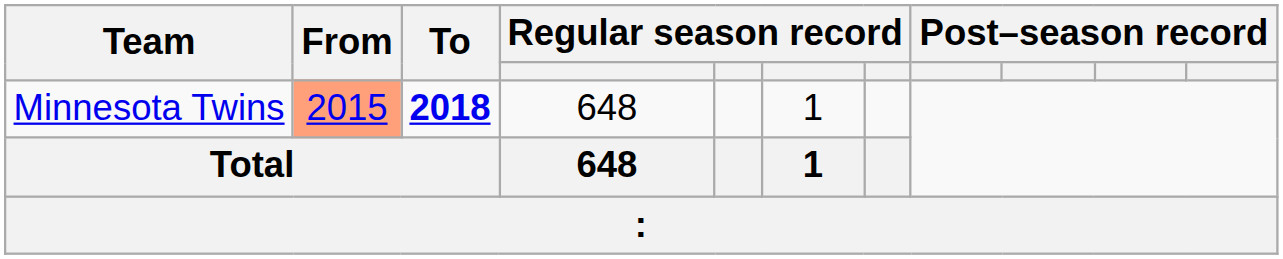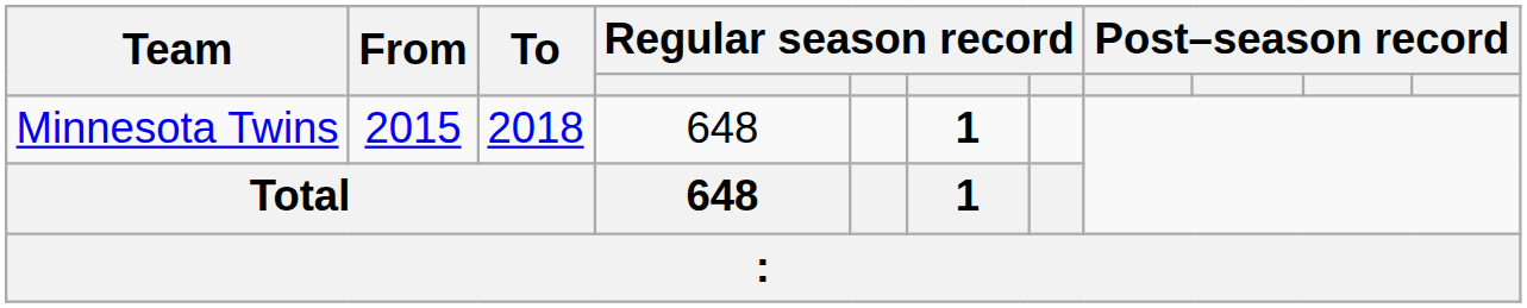 <table class="wikitable" Style="text-align: center">
 <tr>
 <th rowspan="2">Team</th>
 <th rowspan="2">From</th>
 <th rowspan="2">To</th>
 <th colspan="4">Regular season record</th>
 <th colspan="4">Post–season record</th>
 </tr>
 <tr>
 <th></th>
 <th></th>
 <th></th>
 <th></th>
 <th></th>
 <th></th>
 <th></th>
 <th></th>
 </tr>
 <tr>
 <td><a href='#'>Minnesota Twins</a></td>
-<td style="background: lightsalmon;"><a href='#'>2015</a></td>
-<td><strong><a href='#'>2018</a></strong></td>
+<td><a href='#'>2015</a></td>
+<td><a href='#'>2018</a></td>
 <td>648</td>
 <td></td>
-<td>1</td>
+<td><strong>1</strong></td>
 <td></td>
 </tr>
 <tr>
 <th colspan="3">Total</th>
 <th>648</th>
 <th></th>
 <th>1</th>
 <th></th>
 </tr>
 <tr>
 <th colspan="11">:</th>
 </tr>
 </table>
